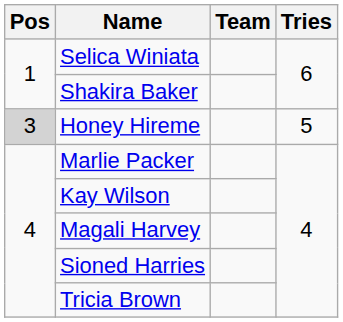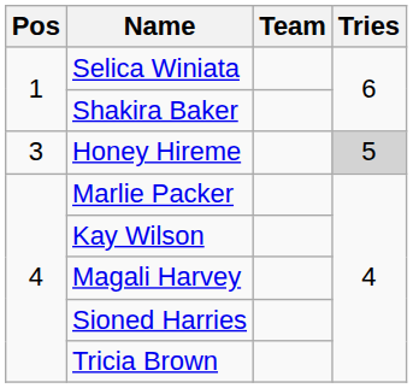 <table class="wikitable" style="text-align:center">
 <tr>
 <th>Pos</th>
 <th>Name</th>
 <th>Team</th>
 <th>Tries</th>
 </tr>
 <tr>
 <td rowspan=2>1</td>
 <td align="left"><a href='#'>Selica Winiata</a></td>
 <td align="left"></td>
 <td rowspan=2>6</td>
 </tr>
 <tr>
 <td align="left"><a href='#'>Shakira Baker</a></td>
 <td align="left"></td>
 </tr>
 <tr>
-<td rowspan=1 style="background: lightgrey;">3</td>
+<td rowspan=1>3</td>
 <td align="left"><a href='#'>Honey Hireme</a></td>
 <td align="left"></td>
-<td rowspan=1>5</td>
+<td rowspan=1 style="background: lightgrey;">5</td>
 </tr>
 <tr>
 <td rowspan=5>4</td>
 <td align="left"><a href='#'>Marlie Packer</a></td>
 <td align="left"></td>
 <td rowspan=5>4</td>
 </tr>
 <tr>
 <td align="left"><a href='#'>Kay Wilson</a></td>
 <td align="left"></td>
 </tr>
 <tr>
 <td align="left"><a href='#'>Magali Harvey</a></td>
 <td align="left"></td>
 </tr>
 <tr>
 <td align="left"><a href='#'>Sioned Harries</a></td>
 <td align="left"></td>
 </tr>
 <tr>
 <td align="left"><a href='#'>Tricia Brown</a></td>
 <td align="left"></td>
 </tr>
 </table>
